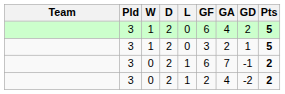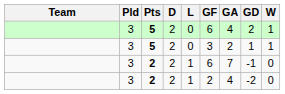 <table class="wikitable" style="text-align: center;">
 <tr>
 <th width=165>Team</th>
 <th width=20>Pld</th>
-<th width=20>W</th>
+<th width=20>Pts</th>
 <th width=20>D</th>
 <th width=20>L</th>
 <th width=20>GF</th>
 <th width=20>GA</th>
 <th width=20>GD</th>
-<th width=20>Pts</th>
+<th width=20>W</th>
 </tr>
 <tr bgcolor=#ccffcc>
 <td align=left></td>
 <td>3</td>
-<td>1</td>
+<td><strong>5</strong></td>
 <td>2</td>
 <td>0</td>
 <td>6</td>
 <td>4</td>
 <td>2</td>
-<td><strong>5</strong></td>
+<td>1</td>
 </tr>
 <tr>
 <td align=left></td>
 <td>3</td>
-<td>1</td>
+<td><strong>5</strong></td>
 <td>2</td>
 <td>0</td>
 <td>3</td>
 <td>2</td>
 <td>1</td>
-<td><strong>5</strong></td>
+<td>1</td>
 </tr>
 <tr>
 <td align=left></td>
 <td>3</td>
-<td>0</td>
+<td><strong>2</strong></td>
 <td>2</td>
 <td>1</td>
 <td>6</td>
 <td>7</td>
 <td>-1</td>
-<td><strong>2</strong></td>
+<td>0</td>
 </tr>
 <tr>
 <td align=left></td>
 <td>3</td>
-<td>0</td>
+<td><strong>2</strong></td>
 <td>2</td>
 <td>1</td>
 <td>2</td>
 <td>4</td>
 <td>-2</td>
-<td><strong>2</strong></td>
+<td>0</td>
 </tr>
 </table>
